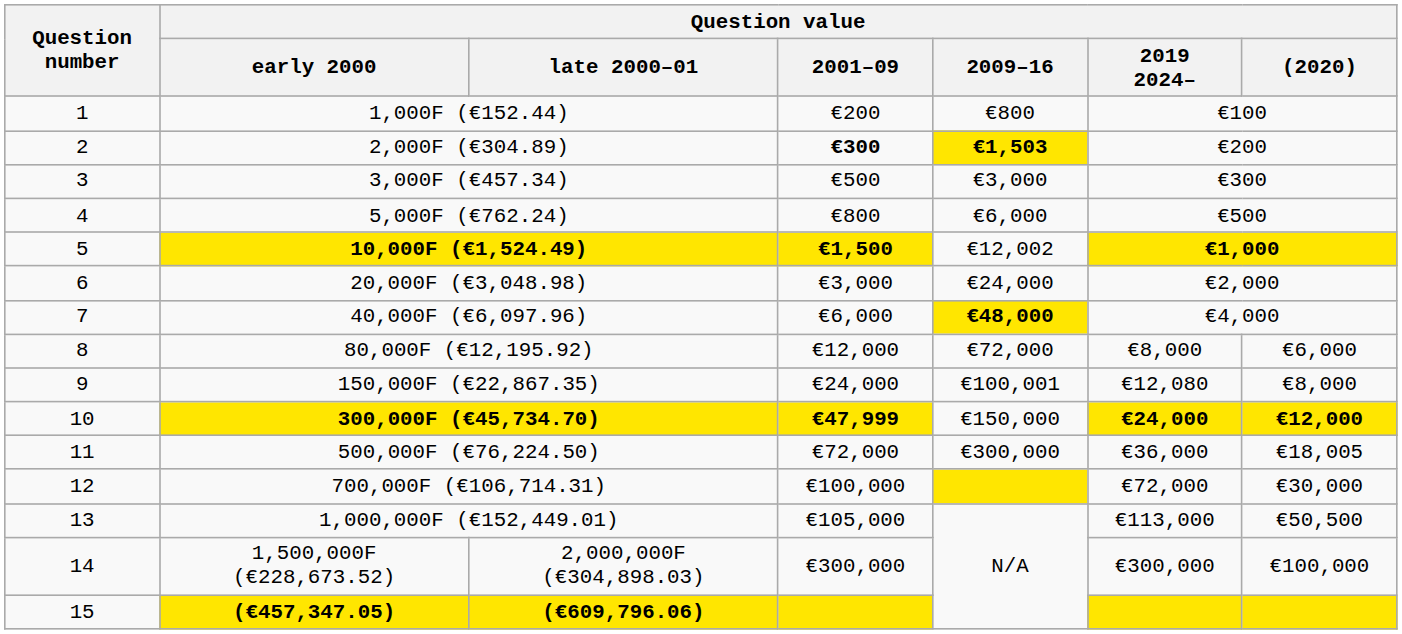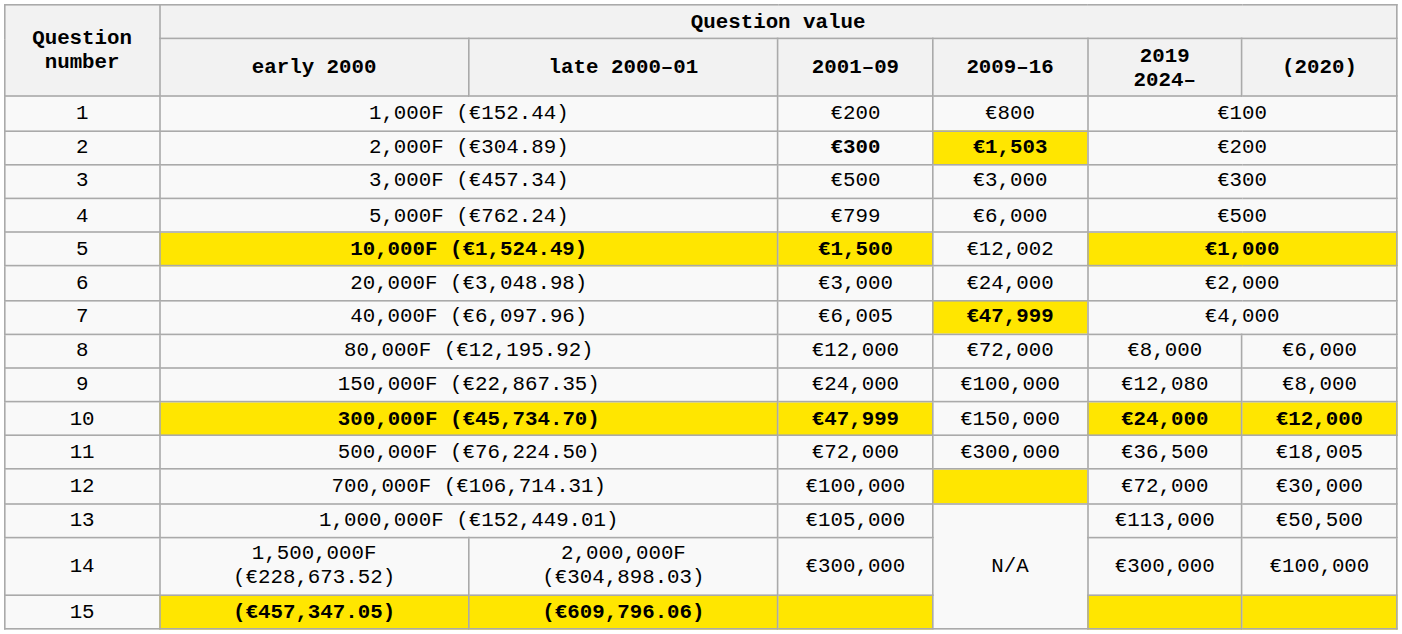 <table class="wikitable" style="text-align:center; border:1px; cellpadding:2; cellspacing:0;">
 <tr>
 <th rowspan="2" style="width: 10%">Question number</th>
 <th colspan="6">Question value <em></em></th>
 </tr>
 <tr>
 <th style="width: 20%">early 2000</th>
 <th style="width: 20%">late 2000–01</th>
 <th style="width: 10%">2001–09</th>
 <th style="width: 10%">2009–16</th>
 <th style="width: 10%">2019<br>2024–</th>
 <th style="width: 10%"> (2020)</th>
 </tr>
 <tr>
 <td>1</td>
 <td colspan="2">1,000F (€152.44)</td>
 <td>€200</td>
 <td>€800</td>
 <td colspan="2">€100</td>
 </tr>
 <tr>
 <td>2</td>
 <td colspan="2">2,000F (€304.89)</td>
 <td><strong>€300</strong></td>
 <td style="background: #FFE600"><strong>€1,503</strong></td>
 <td colspan="2">€200</td>
 </tr>
 <tr>
 <td>3</td>
 <td colspan="2">3,000F (€457.34)</td>
 <td>€500</td>
 <td>€3,000</td>
 <td colspan="2">€300</td>
 </tr>
 <tr>
 <td>4</td>
 <td colspan="2">5,000F (€762.24)</td>
-<td>€800</td>
+<td>€799</td>
 <td>€6,000</td>
 <td colspan="2">€500</td>
 </tr>
 <tr>
 <td>5</td>
 <td colspan="2" style="background: #FFE600"><strong>10,000F (€1,524.49)</strong></td>
 <td style="background: #FFE600"><strong>€1,500</strong></td>
 <td>€12,002</td>
 <td colspan="2" style="background: #FFE600"><strong>€1,000</strong></td>
 </tr>
 <tr>
 <td>6</td>
 <td colspan="2">20,000F (€3,048.98)</td>
 <td>€3,000</td>
 <td>€24,000</td>
 <td colspan="2">€2,000</td>
 </tr>
 <tr>
 <td>7</td>
 <td colspan="2">40,000F (€6,097.96)</td>
-<td>€6,000</td>
-<td style="background: #FFE600"><strong>€48,000</strong></td>
+<td>€6,005</td>
+<td style="background: #FFE600"><strong>€47,999</strong></td>
 <td colspan="2">€4,000</td>
 </tr>
 <tr>
 <td>8</td>
 <td colspan="2">80,000F (€12,195.92)</td>
 <td>€12,000</td>
 <td>€72,000</td>
 <td>€8,000</td>
 <td>€6,000</td>
 </tr>
 <tr>
 <td>9</td>
 <td colspan="2">150,000F (€22,867.35)</td>
 <td>€24,000</td>
-<td>€100,001</td>
+<td>€100,000</td>
 <td>€12,080</td>
 <td>€8,000</td>
 </tr>
 <tr>
 <td>10</td>
 <td colspan="2" style="background: #FFE600"><strong>300,000F (€45,734.70)</strong></td>
 <td style="background: #FFE600"><strong>€47,999</strong></td>
 <td>€150,000</td>
 <td style="background: #FFE600"><strong>€24,000</strong></td>
 <td style="background: #FFE600"><strong>€12,000</strong></td>
 </tr>
 <tr>
 <td>11</td>
 <td colspan="2">500,000F (€76,224.50)</td>
 <td>€72,000</td>
 <td>€300,000</td>
-<td>€36,000</td>
+<td>€36,500</td>
 <td>€18,005</td>
 </tr>
 <tr>
 <td>12</td>
 <td colspan="2">700,000F (€106,714.31)</td>
 <td>€100,000</td>
 <td style="background: #FFE600"><strong></strong></td>
 <td>€72,000</td>
 <td>€30,000</td>
 </tr>
 <tr>
 <td>13</td>
 <td colspan="2">1,000,000F (€152,449.01)</td>
 <td>€105,000</td>
 <td rowspan="3">N/A</td>
 <td>€113,000</td>
 <td>€50,500</td>
 </tr>
 <tr>
 <td>14</td>
 <td>1,500,000F (€228,673.52)</td>
 <td>2,000,000F (€304,898.03)</td>
 <td>€300,000</td>
 <td>€300,000</td>
 <td>€100,000</td>
 </tr>
 <tr>
 <td>15</td>
 <td style="background: #FFE600"><strong> (€457,347.05)</strong></td>
 <td style="background: #FFE600"><strong> (€609,796.06)</strong></td>
 <td style="background: #FFE600"><strong></strong></td>
 <td style="background: #FFE600"><strong></strong></td>
 <td style="background: #FFE600"><strong></strong></td>
 </tr>
 </table>
